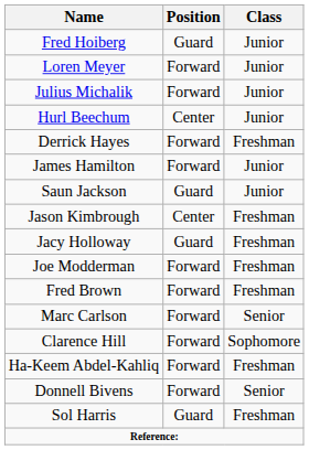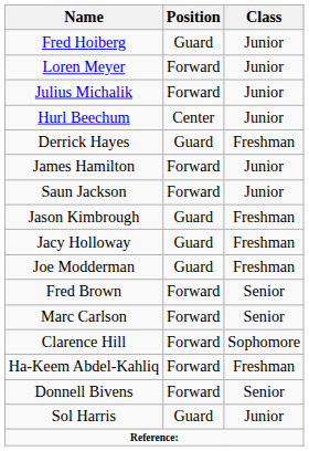 <table class="wikitable" style="text-align: center">
 <tr>
 <th>Name</th>
 <th>Position</th>
 <th>Class</th>
 </tr>
 <tr>
 <td><a href='#'>Fred Hoiberg</a></td>
 <td>Guard</td>
 <td>Junior</td>
 </tr>
 <tr>
 <td><a href='#'>Loren Meyer</a></td>
 <td>Forward</td>
 <td>Junior</td>
 </tr>
 <tr>
 <td><a href='#'>Julius Michalik</a></td>
 <td>Forward</td>
 <td>Junior</td>
 </tr>
 <tr>
 <td><a href='#'>Hurl Beechum</a></td>
 <td>Center</td>
 <td>Junior</td>
 </tr>
 <tr>
 <td>Derrick Hayes</td>
-<td>Forward</td>
+<td>Guard</td>
 <td>Freshman</td>
 </tr>
 <tr>
 <td>James Hamilton</td>
 <td>Forward</td>
 <td>Junior</td>
 </tr>
 <tr>
 <td>Saun Jackson</td>
-<td>Guard</td>
+<td>Forward</td>
 <td>Junior</td>
 </tr>
 <tr>
 <td>Jason Kimbrough</td>
-<td>Center</td>
+<td>Guard</td>
 <td>Freshman</td>
 </tr>
 <tr>
 <td>Jacy Holloway</td>
 <td>Guard</td>
 <td>Freshman</td>
 </tr>
 <tr>
 <td>Joe Modderman</td>
-<td>Forward</td>
+<td>Guard</td>
 <td>Freshman</td>
 </tr>
 <tr>
 <td>Fred Brown</td>
 <td>Forward</td>
-<td>Freshman</td>
+<td>Senior</td>
 </tr>
 <tr>
 <td>Marc Carlson</td>
 <td>Forward</td>
 <td>Senior</td>
 </tr>
 <tr>
 <td>Clarence Hill</td>
 <td>Forward</td>
 <td>Sophomore</td>
 </tr>
 <tr>
 <td>Ha-Keem Abdel-Kahliq</td>
 <td>Forward</td>
 <td>Freshman</td>
 </tr>
 <tr>
 <td>Donnell Bivens</td>
 <td>Forward</td>
 <td>Senior</td>
 </tr>
 <tr>
 <td>Sol Harris</td>
 <td>Guard</td>
-<td>Freshman</td>
+<td>Junior</td>
 </tr>
 <tr>
 <td colspan="6" style="font-size:8pt; text-align:center;"><strong>Reference:</strong></td>
 </tr>
 </table>
